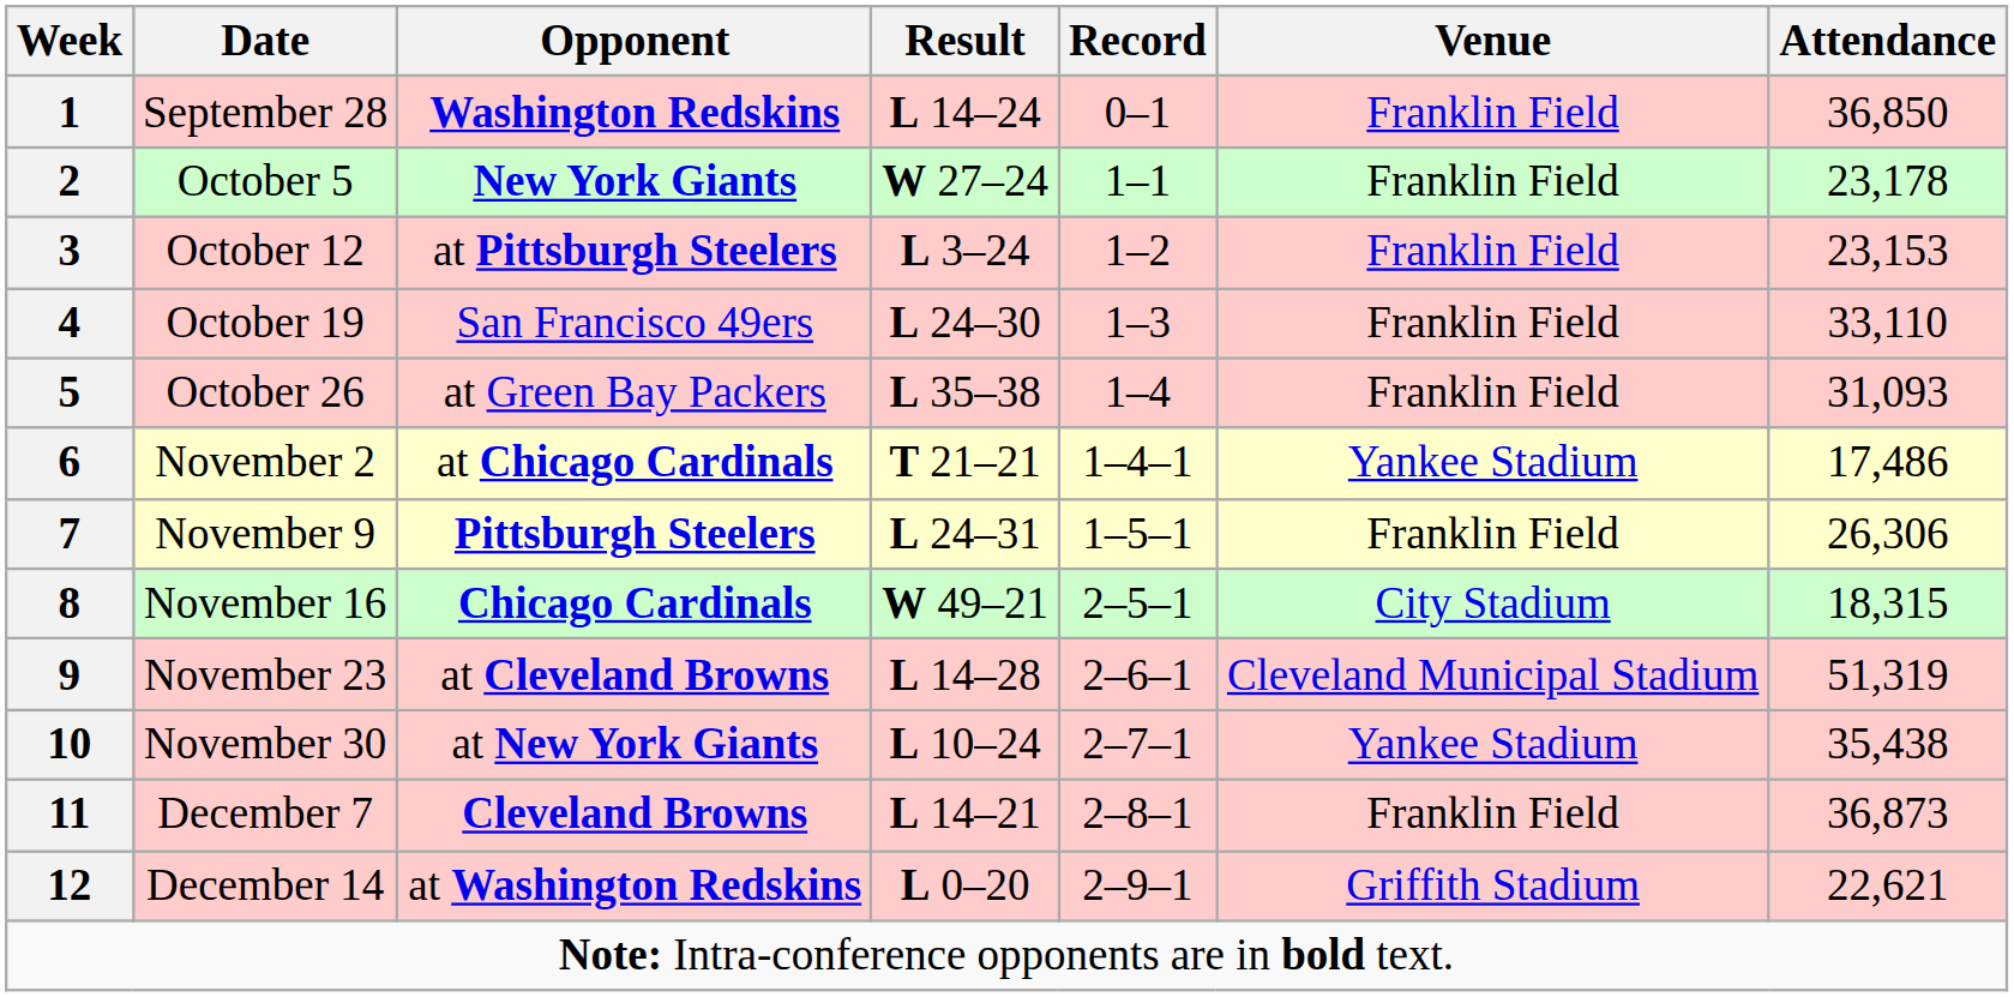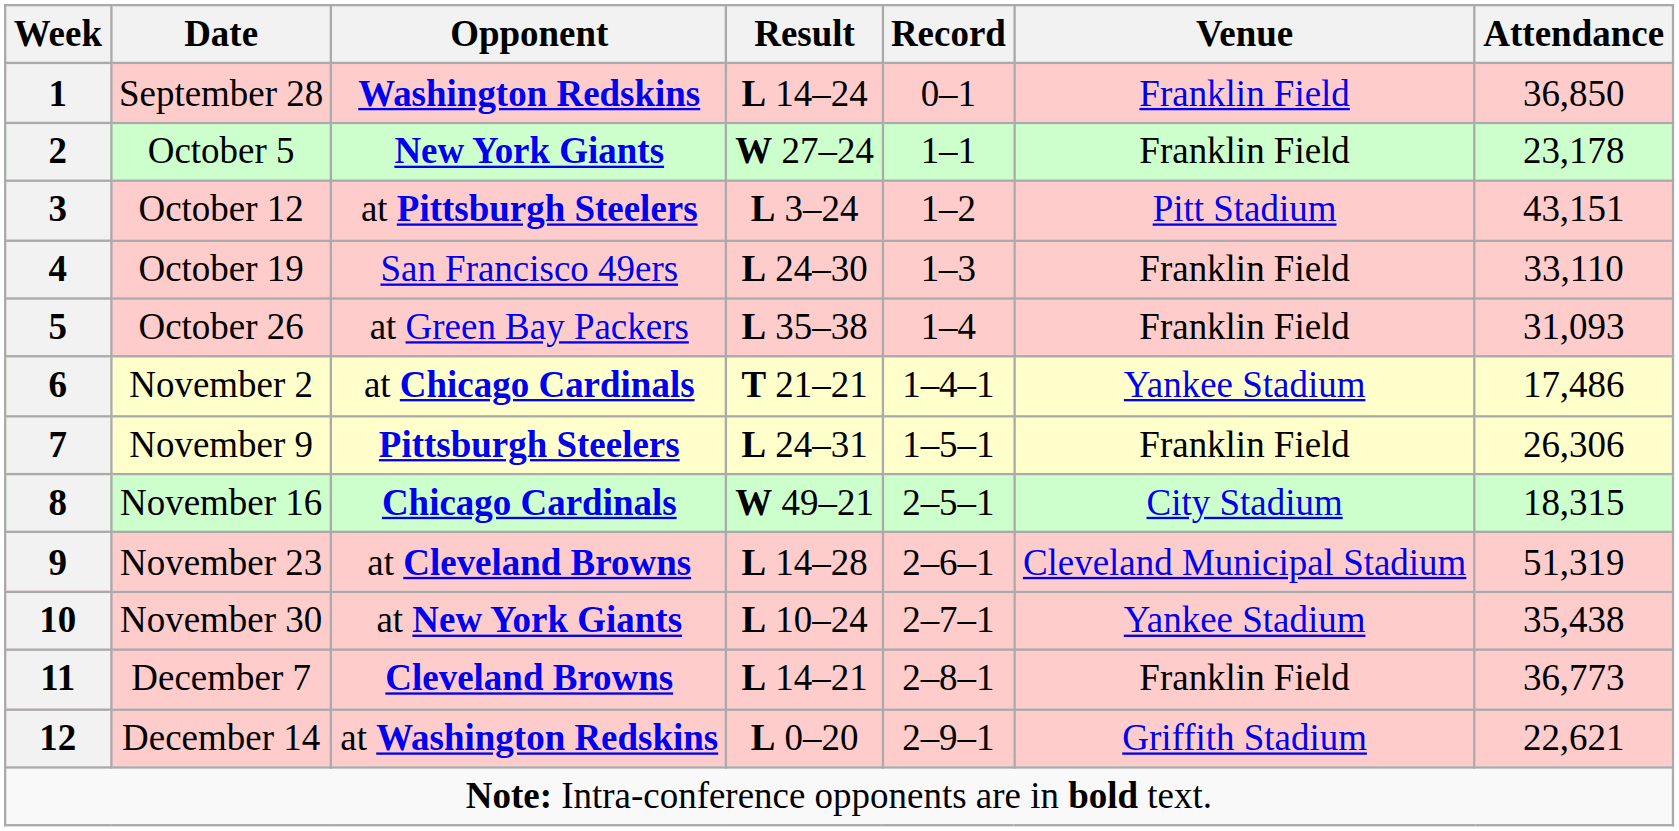 <table class="wikitable" style="text-align:center">
 <tr>
 <th>Week</th>
 <th>Date</th>
 <th>Opponent</th>
 <th>Result</th>
 <th>Record</th>
 <th>Venue</th>
 <th>Attendance</th>
 </tr>
 <tr style="background:#fcc">
 <th>1</th>
 <td>September 28</td>
 <td><strong><a href='#'>Washington Redskins</a></strong></td>
 <td><strong>L</strong> 14–24</td>
 <td>0–1</td>
 <td><a href='#'>Franklin Field</a></td>
 <td>36,850</td>
 </tr>
 <tr style="background:#cfc">
 <th>2</th>
 <td>October 5</td>
 <td><strong><a href='#'>New York Giants</a></strong></td>
 <td><strong>W</strong> 27–24</td>
 <td>1–1</td>
 <td>Franklin Field</td>
 <td>23,178</td>
 </tr>
 <tr style="background:#fcc">
 <th>3</th>
 <td>October 12</td>
 <td>at <strong><a href='#'>Pittsburgh Steelers</a></strong></td>
 <td><strong>L</strong> 3–24</td>
 <td>1–2</td>
-<td><a href='#'>Franklin Field</a></td>
-<td>23,153</td>
+<td><a href='#'>Pitt Stadium</a></td>
+<td>43,151</td>
 </tr>
 <tr style="background:#fcc">
 <th>4</th>
 <td>October 19</td>
 <td><a href='#'>San Francisco 49ers</a></td>
 <td><strong>L</strong> 24–30</td>
 <td>1–3</td>
 <td>Franklin Field</td>
 <td>33,110</td>
 </tr>
 <tr style="background:#fcc">
 <th>5</th>
 <td>October 26</td>
 <td>at <a href='#'>Green Bay Packers</a></td>
 <td><strong>L</strong> 35–38</td>
 <td>1–4</td>
 <td>Franklin Field</td>
 <td>31,093</td>
 </tr>
 <tr style="background:#ffc">
 <th>6</th>
 <td>November 2</td>
 <td>at <strong><a href='#'>Chicago Cardinals</a></strong></td>
 <td><strong>T</strong> 21–21</td>
 <td>1–4–1</td>
 <td><a href='#'>Yankee Stadium</a></td>
 <td>17,486</td>
 </tr>
 <tr style="background:#ffc">
 <th>7</th>
 <td>November 9</td>
 <td><strong><a href='#'>Pittsburgh Steelers</a></strong></td>
 <td><strong>L</strong> 24–31</td>
 <td>1–5–1</td>
 <td>Franklin Field</td>
 <td>26,306</td>
 </tr>
 <tr style="background:#cfc">
 <th>8</th>
 <td>November 16</td>
 <td><strong><a href='#'>Chicago Cardinals</a></strong></td>
 <td><strong>W</strong> 49–21</td>
 <td>2–5–1</td>
 <td><a href='#'>City Stadium</a></td>
 <td>18,315</td>
 </tr>
 <tr style="background:#fcc">
 <th>9</th>
 <td>November 23</td>
 <td>at <strong><a href='#'>Cleveland Browns</a></strong></td>
 <td><strong>L</strong> 14–28</td>
 <td>2–6–1</td>
 <td><a href='#'>Cleveland Municipal Stadium</a></td>
 <td>51,319</td>
 </tr>
 <tr style="background:#fcc">
 <th>10</th>
 <td>November 30</td>
 <td>at <strong><a href='#'>New York Giants</a></strong></td>
 <td><strong>L</strong> 10–24</td>
 <td>2–7–1</td>
 <td><a href='#'>Yankee Stadium</a></td>
 <td>35,438</td>
 </tr>
 <tr style="background:#fcc">
 <th>11</th>
 <td>December 7</td>
 <td><strong><a href='#'>Cleveland Browns</a></strong></td>
 <td><strong>L</strong> 14–21</td>
 <td>2–8–1</td>
 <td>Franklin Field</td>
-<td>36,873</td>
+<td>36,773</td>
 </tr>
 <tr style="background:#fcc">
 <th>12</th>
 <td>December 14</td>
 <td>at <strong><a href='#'>Washington Redskins</a></strong></td>
 <td><strong>L</strong> 0–20</td>
 <td>2–9–1</td>
 <td><a href='#'>Griffith Stadium</a></td>
 <td>22,621</td>
 </tr>
 <tr>
 <td colspan="8"><strong>Note:</strong> Intra-conference opponents are in <strong>bold</strong> text.</td>
 </tr>
 </table>
